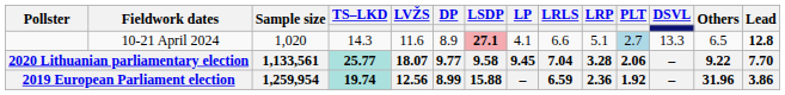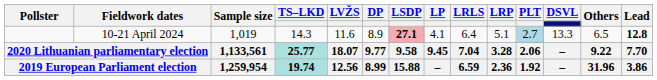 <table class="wikitable sortable" style="text-align:center;font-size:95%;line-height:14px;">
 <tr>
 <th rowspan=2>Pollster</th>
 <th rowspan=2>Fieldwork dates</th>
 <th class="unsortable" rowspan=2>Sample size</th>
 <th class="unsortable"><a href='#'>TS–LKD</a><br></th>
 <th class="unsortable"><a href='#'>LVŽS</a><br></th>
 <th class="unsortable"><a href='#'>DP</a> <br></th>
 <th class="unsortable"><a href='#'>LSDP</a><br></th>
 <th class="unsortable"><a href='#'>LP</a><br></th>
 <th class="unsortable"><a href='#'>LRLS</a><br></th>
 <th class="unsortable"><a href='#'>LRP</a></th>
 <th class="unsortable"><a href='#'>PLT</a></th>
 <th class="unsortable"><a href='#'>DSVL</a><br></th>
 <th class="unsortable" rowspan=2>Others</th>
 <th class="unsortable" rowspan=2>Lead</th>
 </tr>
 <tr>
 <th style="background:"></th>
 <th style="background:"></th>
 <th style="background:"></th>
 <th style="background:"></th>
 <th style="background:"></th>
 <th style="background:"></th>
 <th style="background:"></th>
 <th style="background:"></th>
 <th style="background:#0A1172;"></th>
 </tr>
 <tr>
 <td></td>
 <td>10-21 April 2024</td>
-<td>1,020</td>
+<td>1,019</td>
 <td>14.3<br></td>
 <td>11.6<br></td>
 <td>8.9<br></td>
 <td style="background:#F5ABB0"><strong>27.1</strong><br></td>
 <td>4.1<br></td>
-<td>6.6<br></td>
+<td>6.4<br></td>
 <td>5.1<br></td>
 <td style="background: lightblue;">2.7<br></td>
 <td>13.3<br></td>
 <td>6.5<br></td>
 <td style="background:"><strong>12.8</strong></td>
 </tr>
 <tr>
 <th colspan="2"><a href='#'>2020 Lithuanian parliamentary election</a></th>
 <th>1,133,561</th>
 <th style="background:#AAE1DE">25.77<br></th>
 <th>18.07<br></th>
 <th>9.77<br></th>
 <th>9.58<br></th>
 <th>9.45<br></th>
 <th>7.04<br></th>
 <th>3.28<br></th>
 <th>2.06<br></th>
 <th>–</th>
 <th>9.22<br></th>
 <th style="background:">7.70</th>
 </tr>
 <tr>
 <th colspan="2"><a href='#'>2019 European Parliament election</a></th>
 <th>1,259,954</th>
 <th style="background:#AAE1DE">19.74<br></th>
 <th>12.56<br></th>
 <th>8.99<br></th>
 <th>15.88<br></th>
 <th>–</th>
 <th>6.59<br></th>
 <th>2.36<br></th>
 <th>1.92<br></th>
 <th>–</th>
 <th>31.96<br></th>
 <th style="background:">3.86</th>
 </tr>
 </table>
